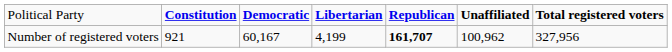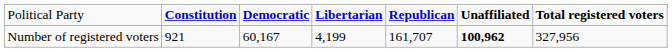 <table class="wikitable">
 <tr>
 <td>Political Party</td>
 <td><strong><a href='#'>Constitution</a></strong></td>
 <td><strong><a href='#'>Democratic</a></strong></td>
 <td><strong><a href='#'>Libertarian</a></strong></td>
 <td><strong><a href='#'>Republican</a></strong></td>
 <td><strong>Unaffiliated</strong></td>
 <td><strong>Total registered voters</strong></td>
 </tr>
 <tr>
 <td>Number of registered voters</td>
 <td>921</td>
 <td>60,167</td>
 <td>4,199</td>
-<td><strong>161,707</strong></td>
-<td>100,962</td>
+<td>161,707</td>
+<td><strong>100,962</strong></td>
 <td>327,956</td>
 </tr>
 </table>
